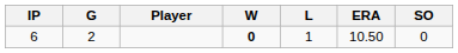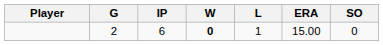 <table class="wikitable sortable">
 <tr>
+<th bgcolor="#DDDDFF" width="16%">Player</th>
+<th bgcolor="#DDDDFF" width="9%">G</th>
 <th bgcolor="#DDDDFF" width="9%">IP</th>
-<th bgcolor="#DDDDFF" width="9%">G</th>
-<th bgcolor="#DDDDFF" width="16%">Player</th>
 <th bgcolor="#DDDDFF" width="9%">W</th>
 <th bgcolor="#DDDDFF" width="9%">L</th>
 <th bgcolor="#DDDDFF" width="9%">ERA</th>
 <th bgcolor="#DDDDFF" width="9%">SO</th>
 </tr>
 <tr align="center">
+<td></td>
+<td>2</td>
 <td>6</td>
-<td>2</td>
-<td></td>
 <td><strong>0</strong></td>
 <td>1</td>
-<td>10.50</td>
+<td>15.00</td>
 <td>0</td>
 </tr>
 </table>
